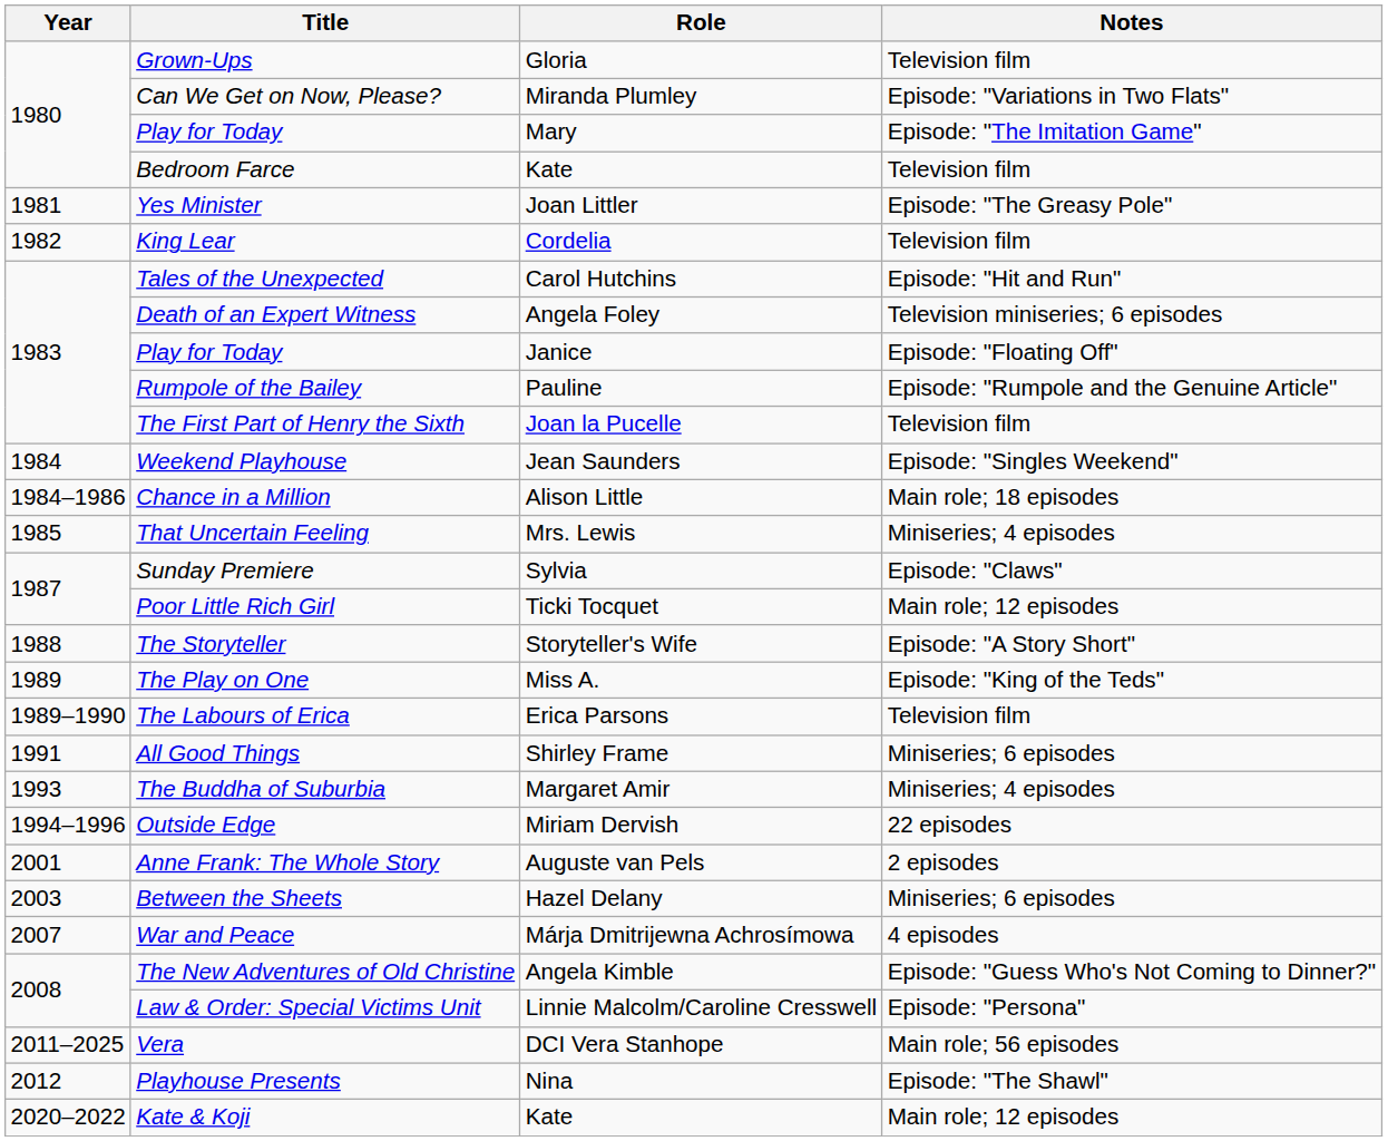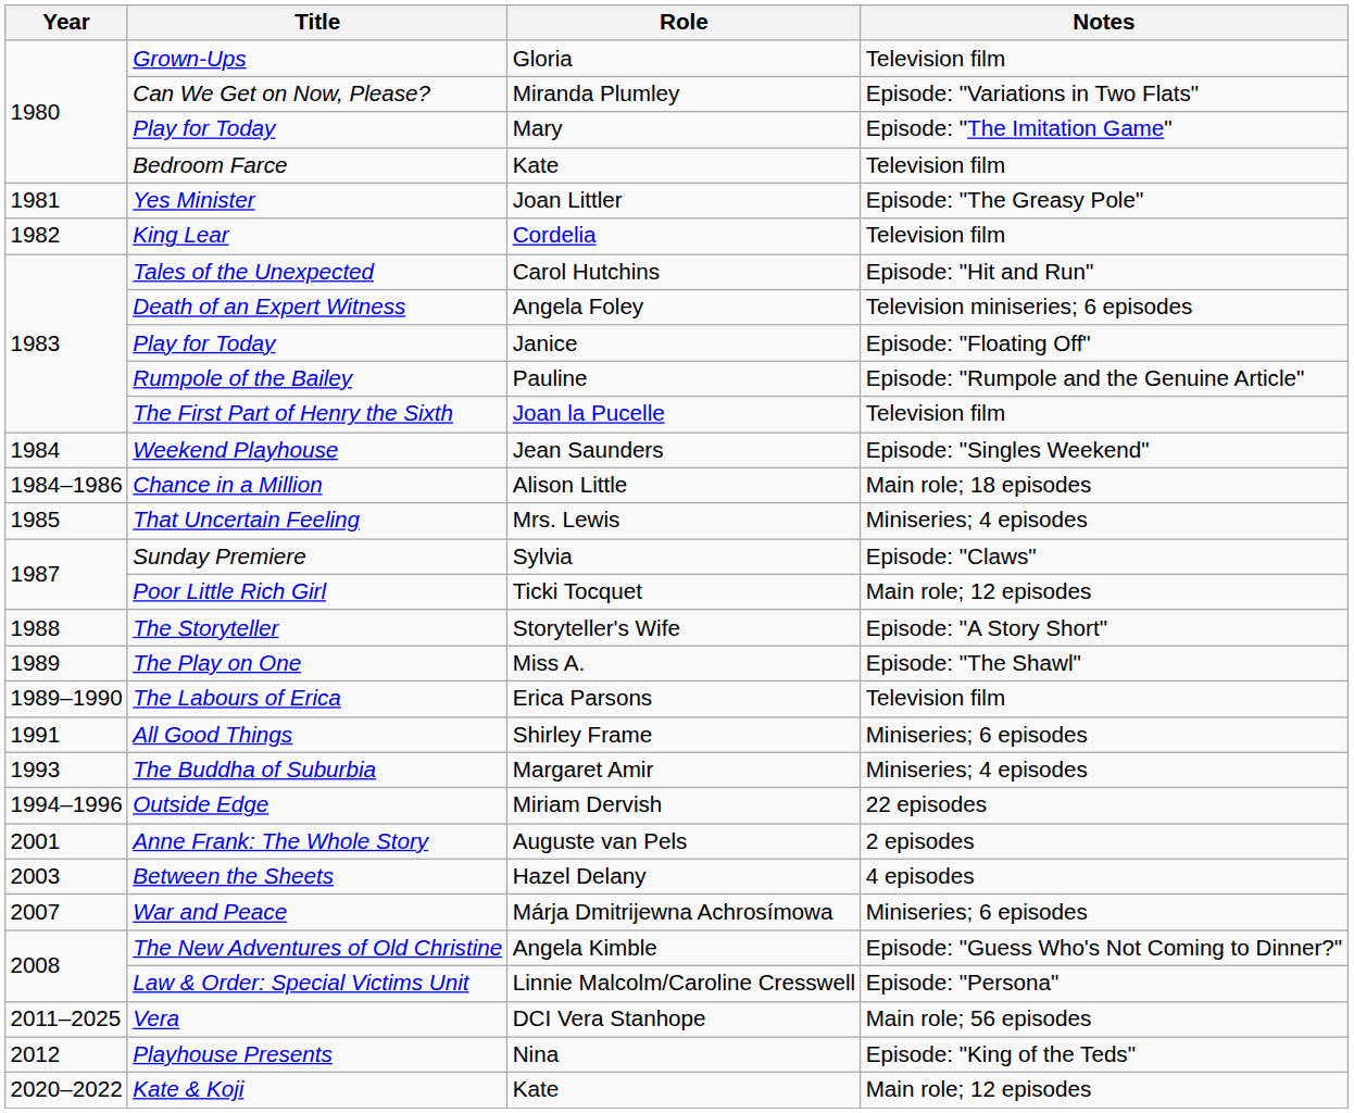 <table class="wikitable sortable">
 <tr>
 <th>Year</th>
 <th>Title</th>
 <th>Role</th>
 <th class="unsortable">Notes</th>
 </tr>
 <tr>
 <td rowspan="4">1980</td>
 <td><em><a href='#'>Grown-Ups</a></em></td>
 <td>Gloria</td>
 <td>Television film</td>
 </tr>
 <tr>
 <td><em>Can We Get on Now, Please?</em></td>
 <td>Miranda Plumley</td>
 <td>Episode: "Variations in Two Flats"</td>
 </tr>
 <tr>
 <td><em><a href='#'>Play for Today</a></em></td>
 <td>Mary</td>
 <td>Episode: "<a href='#'>The Imitation Game</a>"</td>
 </tr>
 <tr>
 <td><em>Bedroom Farce</em></td>
 <td>Kate</td>
 <td>Television film</td>
 </tr>
 <tr>
 <td>1981</td>
 <td><em><a href='#'>Yes Minister</a></em></td>
 <td>Joan Littler</td>
 <td>Episode: "The Greasy Pole"</td>
 </tr>
 <tr>
 <td>1982</td>
 <td><em><a href='#'>King Lear</a></em></td>
 <td><a href='#'>Cordelia</a></td>
 <td>Television film</td>
 </tr>
 <tr>
 <td rowspan="5">1983</td>
 <td><em><a href='#'>Tales of the Unexpected</a></em></td>
 <td>Carol Hutchins</td>
 <td>Episode: "Hit and Run"</td>
 </tr>
 <tr>
 <td><em><a href='#'>Death of an Expert Witness</a></em></td>
 <td>Angela Foley</td>
 <td>Television miniseries; 6 episodes</td>
 </tr>
 <tr>
 <td><em><a href='#'>Play for Today</a></em></td>
 <td>Janice</td>
 <td>Episode: "Floating Off"</td>
 </tr>
 <tr>
 <td><em><a href='#'>Rumpole of the Bailey</a></em></td>
 <td>Pauline</td>
 <td>Episode: "Rumpole and the Genuine Article"</td>
 </tr>
 <tr>
 <td><em><a href='#'>The First Part of Henry the Sixth</a></em></td>
 <td><a href='#'>Joan la Pucelle</a></td>
 <td>Television film</td>
 </tr>
 <tr>
 <td>1984</td>
 <td><em><a href='#'>Weekend Playhouse</a></em></td>
 <td>Jean Saunders</td>
 <td>Episode: "Singles Weekend"</td>
 </tr>
 <tr>
 <td>1984–1986</td>
 <td><em><a href='#'>Chance in a Million</a></em></td>
 <td>Alison Little</td>
 <td>Main role; 18 episodes</td>
 </tr>
 <tr>
 <td>1985</td>
 <td><em><a href='#'>That Uncertain Feeling</a></em></td>
 <td>Mrs. Lewis</td>
 <td>Miniseries; 4 episodes</td>
 </tr>
 <tr>
 <td rowspan="2">1987</td>
 <td><em>Sunday Premiere</em></td>
 <td>Sylvia</td>
 <td>Episode: "Claws"</td>
 </tr>
 <tr>
 <td><em><a href='#'>Poor Little Rich Girl</a></em></td>
 <td>Ticki Tocquet</td>
 <td>Main role; 12 episodes</td>
 </tr>
 <tr>
 <td>1988</td>
 <td><em><a href='#'>The Storyteller</a></em></td>
 <td>Storyteller's Wife</td>
 <td>Episode: "A Story Short"</td>
 </tr>
 <tr>
 <td>1989</td>
 <td><em><a href='#'>The Play on One</a></em></td>
 <td>Miss A.</td>
-<td>Episode: "King of the Teds"</td>
+<td>Episode: "The Shawl"</td>
 </tr>
 <tr>
 <td>1989–1990</td>
 <td><em><a href='#'>The Labours of Erica</a></em></td>
 <td>Erica Parsons</td>
 <td>Television film</td>
 </tr>
 <tr>
 <td>1991</td>
 <td><em><a href='#'>All Good Things</a></em></td>
 <td>Shirley Frame</td>
 <td>Miniseries; 6 episodes</td>
 </tr>
 <tr>
 <td>1993</td>
 <td><em><a href='#'>The Buddha of Suburbia</a></em></td>
 <td>Margaret Amir</td>
 <td>Miniseries; 4 episodes</td>
 </tr>
 <tr>
 <td>1994–1996</td>
 <td><em><a href='#'>Outside Edge</a></em></td>
 <td>Miriam Dervish</td>
 <td>22 episodes</td>
 </tr>
 <tr>
 <td>2001</td>
 <td><em><a href='#'>Anne Frank: The Whole Story</a></em></td>
 <td>Auguste van Pels</td>
 <td>2 episodes</td>
 </tr>
 <tr>
 <td>2003</td>
 <td><em><a href='#'>Between the Sheets</a></em></td>
 <td>Hazel Delany</td>
-<td>Miniseries; 6 episodes</td>
+<td>4 episodes</td>
 </tr>
 <tr>
 <td>2007</td>
 <td><em><a href='#'>War and Peace</a></em></td>
 <td>Márja Dmitrijewna Achrosímowa</td>
-<td>4 episodes</td>
+<td>Miniseries; 6 episodes</td>
 </tr>
 <tr>
 <td rowspan="2">2008</td>
 <td><em><a href='#'>The New Adventures of Old Christine</a></em></td>
 <td>Angela Kimble</td>
 <td>Episode: "Guess Who's Not Coming to Dinner?"</td>
 </tr>
 <tr>
 <td><em><a href='#'>Law & Order: Special Victims Unit</a></em></td>
 <td>Linnie Malcolm/Caroline Cresswell</td>
 <td>Episode: "Persona"</td>
 </tr>
 <tr>
 <td>2011–2025</td>
 <td><em><a href='#'>Vera</a></em></td>
 <td>DCI Vera Stanhope</td>
 <td>Main role; 56 episodes</td>
 </tr>
 <tr>
 <td>2012</td>
 <td><em><a href='#'>Playhouse Presents</a></em></td>
 <td>Nina</td>
-<td>Episode: "The Shawl"</td>
+<td>Episode: "King of the Teds"</td>
 </tr>
 <tr>
 <td>2020–2022</td>
 <td><em><a href='#'>Kate & Koji</a></em></td>
 <td>Kate</td>
 <td>Main role; 12 episodes</td>
 </tr>
 <tr>
 </tr>
 </table>
